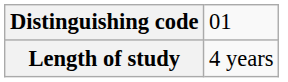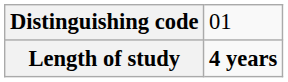 <table class="wikitable">
 <tr>
 <th>Distinguishing code</th>
 <td>01</td>
 </tr>
 <tr>
 <th>Length of study</th>
-<td>4 years</td>
+<td><strong>4 years</strong></td>
 </tr>
 </table>
